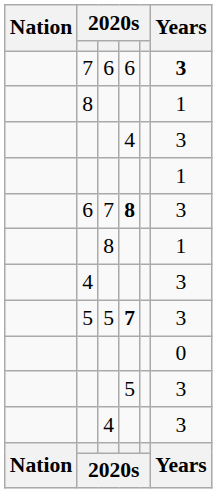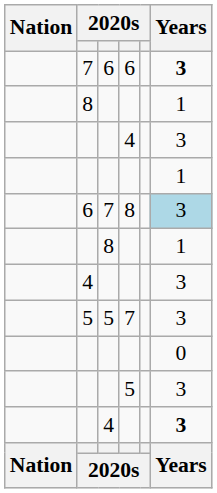 <table class="wikitable" style="text-align:center; font-size:90%;">
 <tr>
 <th rowspan=2>Nation</th>
 <th colspan=4>2020s</th>
 <th rowspan=2>Years</th>
 </tr>
 <tr>
 <th></th>
 <th></th>
 <th></th>
 <th></th>
 </tr>
 <tr>
 <td align=left></td>
 <td>7</td>
 <td>6</td>
 <td>6</td>
 <td></td>
 <td><strong>3</strong></td>
 </tr>
 <tr>
 <td align=left></td>
 <td>8</td>
 <td></td>
 <td></td>
 <td></td>
 <td>1</td>
 </tr>
 <tr>
 <td align=left></td>
 <td></td>
 <td></td>
 <td>4</td>
 <td></td>
 <td>3</td>
 </tr>
 <tr>
 <td align=left></td>
 <td></td>
 <td></td>
 <td></td>
 <td></td>
 <td>1</td>
 </tr>
 <tr>
 <td align=left></td>
 <td>6</td>
 <td>7</td>
-<td><strong>8</strong></td>
+<td>8</td>
 <td></td>
-<td>3</td>
+<td style="background: lightblue;">3</td>
 </tr>
 <tr>
 <td align=left></td>
 <td></td>
 <td>8</td>
 <td></td>
 <td></td>
 <td>1</td>
 </tr>
 <tr>
 <td align=left></td>
 <td>4</td>
 <td></td>
 <td></td>
 <td></td>
 <td>3</td>
 </tr>
 <tr>
 <td align=left></td>
 <td>5</td>
 <td>5</td>
-<td><strong>7</strong></td>
+<td>7</td>
 <td></td>
 <td>3</td>
 </tr>
 <tr>
 <td align=left></td>
 <td></td>
 <td></td>
 <td></td>
 <td></td>
 <td>0</td>
 </tr>
 <tr>
 <td align=left></td>
 <td></td>
 <td></td>
 <td>5</td>
 <td></td>
 <td>3</td>
 </tr>
 <tr>
 <td align=left></td>
 <td></td>
 <td>4</td>
 <td></td>
 <td></td>
-<td>3</td>
+<td><strong>3</strong></td>
 </tr>
 <tr>
 <th rowspan=2>Nation</th>
 <th></th>
 <th></th>
 <th></th>
 <th></th>
 <th rowspan=2>Years</th>
 </tr>
 <tr>
 <th colspan=4>2020s</th>
 </tr>
 </table>
